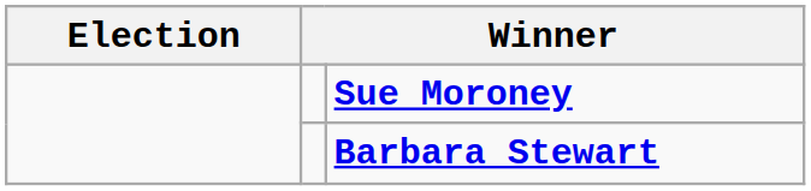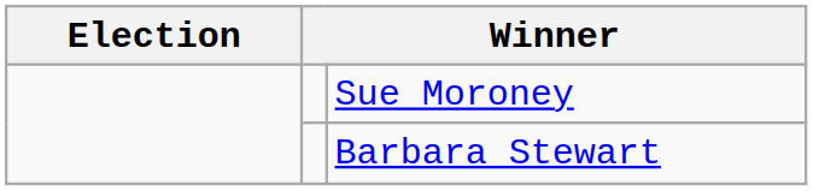 <table class="wikitable">
 <tr>
 <th width=100>Election</th>
 <th width=175 colspan=2>Winner</th>
 </tr>
 <tr>
 <td rowspan=2></td>
 <td></td>
-<td><strong><a href='#'>Sue Moroney</a></strong></td>
+<td><a href='#'>Sue Moroney</a></td>
 </tr>
 <tr>
 <td></td>
-<td><strong><a href='#'>Barbara Stewart</a></strong></td>
+<td><a href='#'>Barbara Stewart</a></td>
 </tr>
 </table>
